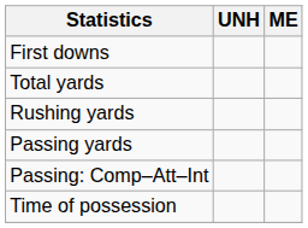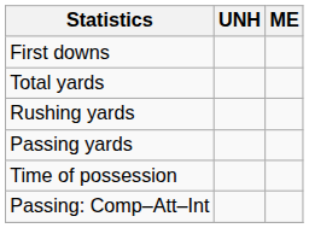 <table class="wikitable" style="float: left;">
 <tr>
 <th>Statistics</th>
 <th>UNH</th>
 <th>ME</th>
 </tr>
 <tr>
 <td>First downs</td>
 <td></td>
 <td></td>
 </tr>
 <tr>
 <td>Total yards</td>
 <td></td>
 <td></td>
 </tr>
 <tr>
 <td>Rushing yards</td>
 <td></td>
 <td></td>
 </tr>
 <tr>
 <td>Passing yards</td>
 <td></td>
 <td></td>
 </tr>
 <tr>
-<td>Passing: Comp–Att–Int</td>
+<td>Time of possession</td>
 <td></td>
 <td></td>
 </tr>
 <tr>
-<td>Time of possession</td>
+<td>Passing: Comp–Att–Int</td>
 <td></td>
 <td></td>
 </tr>
 <tr>
 </tr>
 </table>
